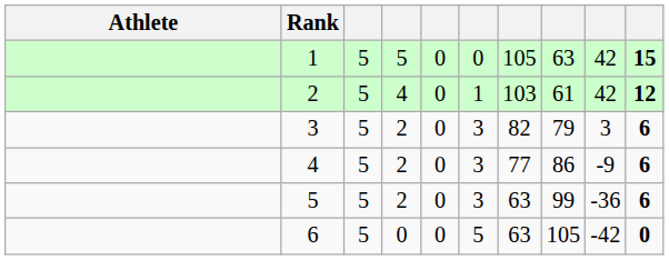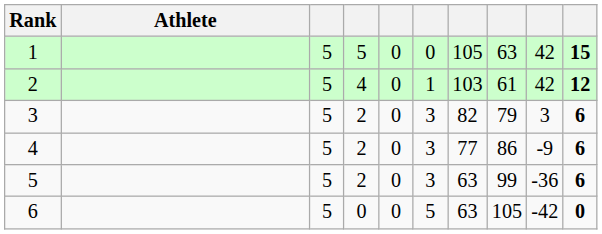 <table class=wikitable style="text-align:center">
 <tr>
+<th width=20>Rank</th>
 <th width=190>Athlete</th>
-<th width=20>Rank</th>
 <th width=20></th>
 <th width=20></th>
 <th width=20></th>
 <th width=20></th>
 <th width=20></th>
 <th width=20></th>
 <th width=20></th>
 <th width=20></th>
 </tr>
 <tr bgcolor="#ccffcc">
+<td>1</td>
 <td align=left></td>
-<td>1</td>
 <td>5</td>
 <td>5</td>
 <td>0</td>
 <td>0</td>
 <td>105</td>
 <td>63</td>
 <td>42</td>
 <td><strong>15</strong></td>
 </tr>
 <tr bgcolor="#ccffcc">
+<td>2</td>
 <td align=left></td>
-<td>2</td>
 <td>5</td>
 <td>4</td>
 <td>0</td>
 <td>1</td>
 <td>103</td>
 <td>61</td>
 <td>42</td>
 <td><strong>12</strong></td>
 </tr>
 <tr>
+<td>3</td>
 <td align=left></td>
-<td>3</td>
 <td>5</td>
 <td>2</td>
 <td>0</td>
 <td>3</td>
 <td>82</td>
 <td>79</td>
 <td>3</td>
 <td><strong>6</strong></td>
 </tr>
 <tr>
+<td>4</td>
 <td align=left></td>
-<td>4</td>
 <td>5</td>
 <td>2</td>
 <td>0</td>
 <td>3</td>
 <td>77</td>
 <td>86</td>
 <td>-9</td>
 <td><strong>6</strong></td>
 </tr>
 <tr>
+<td>5</td>
 <td align=left></td>
-<td>5</td>
 <td>5</td>
 <td>2</td>
 <td>0</td>
 <td>3</td>
 <td>63</td>
 <td>99</td>
 <td>-36</td>
 <td><strong>6</strong></td>
 </tr>
 <tr>
+<td>6</td>
 <td align=left></td>
-<td>6</td>
 <td>5</td>
 <td>0</td>
 <td>0</td>
 <td>5</td>
 <td>63</td>
 <td>105</td>
 <td>-42</td>
 <td><strong>0</strong></td>
 </tr>
 </table>
